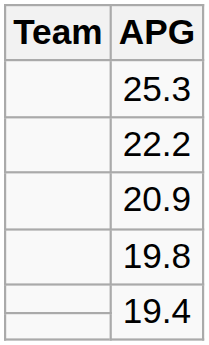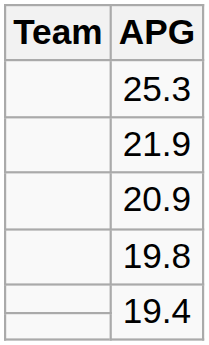 <table class=wikitable>
 <tr>
 <th>Team</th>
 <th>APG</th>
 </tr>
 <tr>
 <td></td>
 <td align=center>25.3</td>
 </tr>
 <tr>
 <td></td>
-<td align=center>22.2</td>
+<td align=center>21.9</td>
 </tr>
 <tr>
 <td></td>
 <td align=center>20.9</td>
 </tr>
 <tr>
 <td></td>
 <td align=center>19.8</td>
 </tr>
 <tr>
 <td></td>
 <td align=center rowspan=2>19.4</td>
 </tr>
 <tr>
 <td></td>
 </tr>
 </table>
